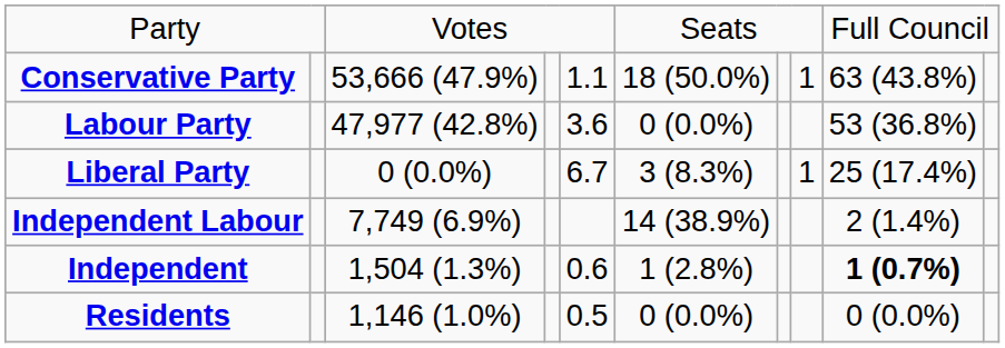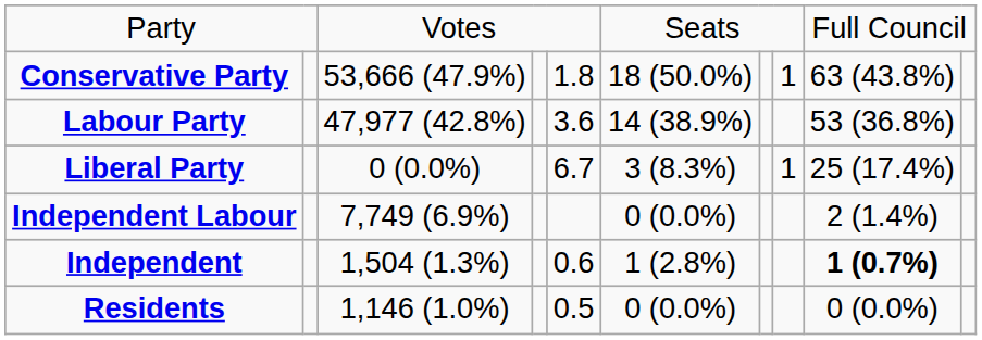 <table class=wikitable style="text-align:center;">
 <tr>
 <td colspan=2>Party</td>
 <td colspan=3>Votes</td>
 <td colspan=3>Seats</td>
 <td colspan=3>Full Council</td>
 </tr>
 <tr>
 <td><strong><a href='#'>Conservative Party</a></strong></td>
 <td style="background:"></td>
 <td>53,666 (47.9%)</td>
 <td></td>
-<td> 1.1</td>
+<td> 1.8</td>
 <td>18 (50.0%)</td>
 <td></td>
 <td> 1</td>
 <td>63 (43.8%)</td>
 <td></td>
 </tr>
 <tr>
 <td><strong><a href='#'>Labour Party</a></strong></td>
 <td style="background:"></td>
 <td>47,977 (42.8%)</td>
 <td></td>
 <td> 3.6</td>
-<td>0 (0.0%)</td>
+<td>14 (38.9%)</td>
 <td></td>
 <td></td>
 <td>53 (36.8%)</td>
 <td></td>
 </tr>
 <tr>
 <td><strong><a href='#'>Liberal Party</a></strong></td>
 <td style="background:"></td>
 <td>0 (0.0%)</td>
 <td></td>
 <td> 6.7</td>
 <td>3 (8.3%)</td>
 <td></td>
 <td> 1</td>
 <td>25 (17.4%)</td>
 <td></td>
 </tr>
 <tr>
 <td><strong><a href='#'>Independent Labour</a></strong></td>
 <td style="background:"></td>
 <td>7,749 (6.9%)</td>
 <td></td>
 <td></td>
-<td>14 (38.9%)</td>
+<td>0 (0.0%)</td>
 <td></td>
 <td></td>
 <td>2 (1.4%)</td>
 <td></td>
 </tr>
 <tr>
 <td><strong><a href='#'>Independent</a></strong></td>
 <td style="background:"></td>
 <td>1,504 (1.3%)</td>
 <td></td>
 <td> 0.6</td>
 <td>1 (2.8%)</td>
 <td></td>
 <td></td>
 <td><strong>1 (0.7%)</strong></td>
 <td></td>
 </tr>
 <tr>
 <td><strong><a href='#'>Residents</a></strong></td>
 <td style="background:"></td>
 <td>1,146 (1.0%)</td>
 <td></td>
 <td> 0.5</td>
 <td>0 (0.0%)</td>
 <td></td>
 <td></td>
 <td>0 (0.0%)</td>
 <td></td>
 </tr>
 </table>
